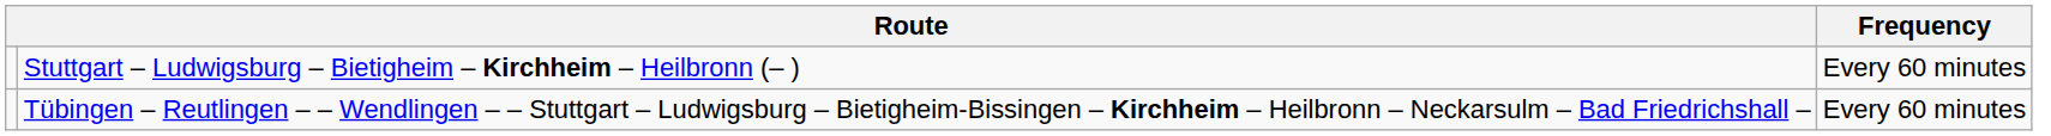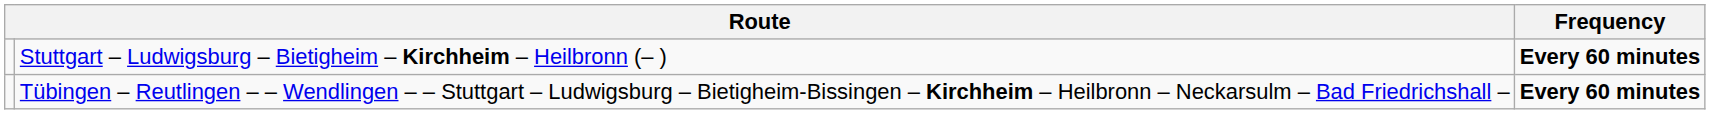 <table class="wikitable">
 <tr>
 <th colspan="2">Route</th>
 <th>Frequency</th>
 </tr>
 <tr>
 <td align="center"></td>
 <td><a href='#'>Stuttgart</a> – <a href='#'>Ludwigsburg</a> – <a href='#'>Bietigheim</a> – <strong>Kirchheim</strong> – <a href='#'>Heilbronn</a> (– )</td>
-<td>Every 60 minutes</td>
+<td><strong>Every 60 minutes</strong></td>
 </tr>
 <tr>
 <td align="center"></td>
 <td><a href='#'>Tübingen</a> – <a href='#'>Reutlingen</a>  –  – <a href='#'>Wendlingen</a> –  – Stuttgart – Ludwigsburg – Bietigheim-Bissingen – <strong>Kirchheim</strong> – Heilbronn – Neckarsulm – <a href='#'>Bad Friedrichshall</a> – </td>
-<td>Every 60 minutes</td>
+<td><strong>Every 60 minutes</strong></td>
 </tr>
 </table>
